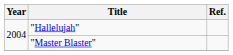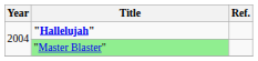 <table class="wikitable">
 <tr>
 <th>Year</th>
 <th width="285">Title</th>
 <th>Ref.</th>
 </tr>
 <tr>
 <td rowspan="2">2004</td>
-<td>"<a href='#'>Hallelujah</a>"</td>
+<td><strong>"<a href='#'>Hallelujah</a>"</strong></td>
 <td></td>
 </tr>
 <tr>
-<td>"<a href='#'>Master Blaster</a>"</td>
+<td style="background: lightgreen;">"<a href='#'>Master Blaster</a>"</td>
 <td></td>
 </tr>
 <tr>
 </tr>
 </table>
